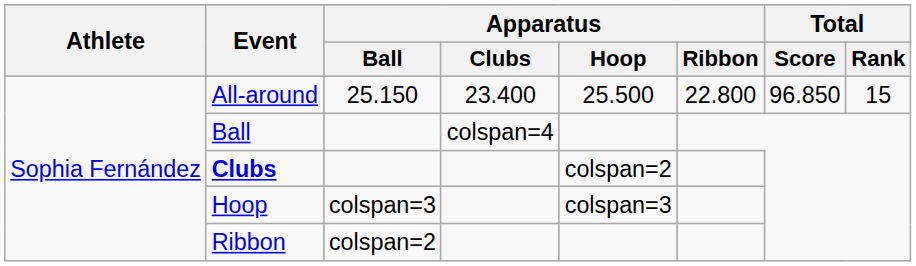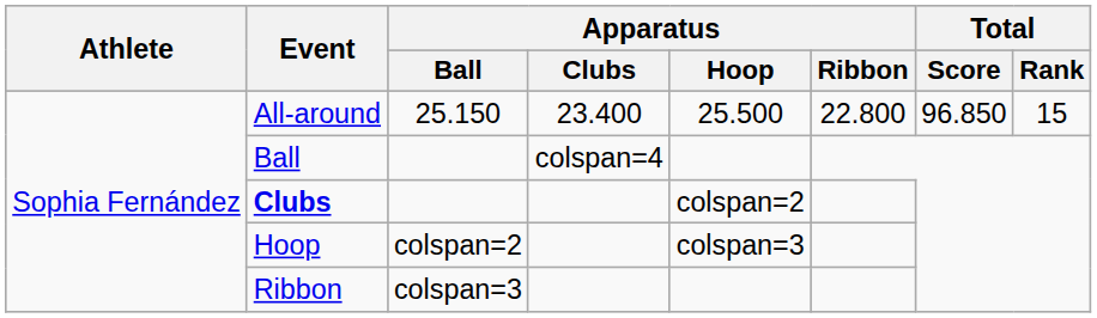 <table class=wikitable style=font-size:90%;text-align:center>
 <tr>
 <th rowspan=2>Athlete</th>
 <th rowspan=2>Event</th>
 <th colspan=4>Apparatus</th>
 <th colspan=2>Total</th>
 </tr>
 <tr style=font-size:95%>
 <th>Ball</th>
 <th>Clubs</th>
 <th>Hoop</th>
 <th>Ribbon</th>
 <th>Score</th>
 <th>Rank</th>
 </tr>
 <tr>
 <td align=left rowspan=5><a href='#'>Sophia Fernández</a></td>
 <td align=left><a href='#'>All-around</a></td>
 <td>25.150</td>
 <td>23.400</td>
 <td>25.500</td>
 <td>22.800</td>
 <td>96.850</td>
 <td>15</td>
 </tr>
 <tr>
 <td align=left><a href='#'>Ball</a></td>
 <td></td>
 <td>colspan=4  </td>
 <td></td>
 </tr>
 <tr>
 <td align=left><strong><a href='#'>Clubs</a></strong></td>
 <td></td>
 <td></td>
 <td>colspan=2 </td>
 <td></td>
 </tr>
 <tr>
 <td align=left><a href='#'>Hoop</a></td>
-<td>colspan=3 </td>
+<td>colspan=2 </td>
 <td></td>
 <td>colspan=3 </td>
 <td></td>
 </tr>
 <tr>
 <td align=left><a href='#'>Ribbon</a></td>
-<td>colspan=2 </td>
+<td>colspan=3 </td>
 <td></td>
 <td></td>
 <td></td>
 </tr>
 </table>
